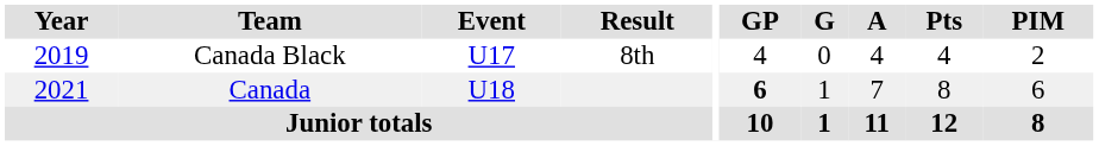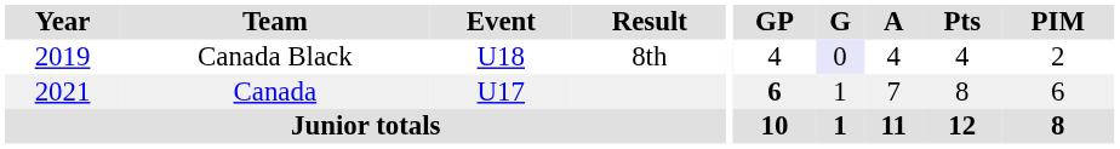 <table border="0" cellpadding="1" cellspacing="0" ID="Table3" style="text-align:center; width:40em">
 <tr bgcolor="#e0e0e0">
 <th>Year</th>
 <th>Team</th>
 <th>Event</th>
 <th>Result</th>
 <th rowspan="99" bgcolor="#ffffff"></th>
 <th>GP</th>
 <th>G</th>
 <th>A</th>
 <th>Pts</th>
 <th>PIM</th>
 </tr>
 <tr>
 <td><a href='#'>2019</a></td>
 <td>Canada Black</td>
-<td><a href='#'>U17</a></td>
+<td><a href='#'>U18</a></td>
 <td>8th</td>
 <td>4</td>
-<td>0</td>
+<td style="background: lavender;">0</td>
 <td>4</td>
 <td>4</td>
 <td>2</td>
 </tr>
 <tr bgcolor="#f0f0f0">
 <td><a href='#'>2021</a></td>
 <td><a href='#'>Canada</a></td>
-<td><a href='#'>U18</a></td>
+<td><a href='#'>U17</a></td>
 <td></td>
 <td><strong>6</strong></td>
 <td>1</td>
 <td>7</td>
 <td>8</td>
 <td>6</td>
 </tr>
 <tr bgcolor="#e0e0e0">
 <th colspan="4">Junior totals</th>
 <th>10</th>
 <th>1</th>
 <th>11</th>
 <th>12</th>
 <th>8</th>
 </tr>
 </table>
